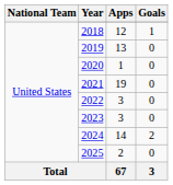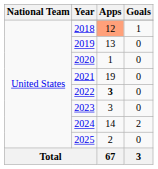 <table class="wikitable" style="text-align:center">
 <tr>
 <th>National Team</th>
 <th>Year</th>
 <th>Apps</th>
 <th>Goals</th>
 </tr>
 <tr>
 <td rowspan=9><a href='#'>United States</a></td>
 </tr>
 <tr>
 <td><a href='#'>2018</a></td>
-<td>12</td>
+<td style="background: lightsalmon;">12</td>
 <td>1</td>
 </tr>
 <tr>
 <td><a href='#'>2019</a></td>
 <td>13</td>
 <td>0</td>
 </tr>
 <tr>
 <td><a href='#'>2020</a></td>
 <td>1</td>
 <td>0</td>
 </tr>
 <tr>
 <td><a href='#'>2021</a></td>
 <td>19</td>
 <td>0</td>
 </tr>
 <tr>
 <td><a href='#'>2022</a></td>
-<td>3</td>
+<td><strong>3</strong></td>
 <td>0</td>
 </tr>
 <tr>
 <td><a href='#'>2023</a></td>
 <td>3</td>
 <td>0</td>
 </tr>
 <tr>
 <td><a href='#'>2024</a></td>
 <td>14</td>
 <td>2</td>
 </tr>
 <tr>
 <td><a href='#'>2025</a></td>
 <td>2</td>
 <td>0</td>
 </tr>
 <tr>
 <th colspan=2>Total</th>
 <th>67</th>
 <th>3</th>
 </tr>
 </table>
